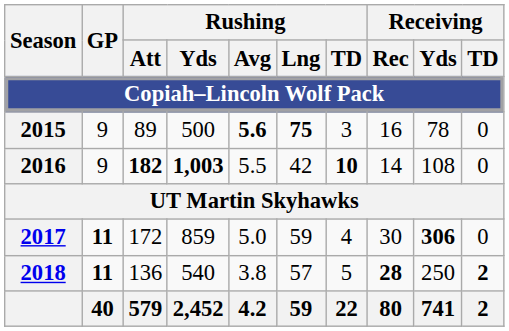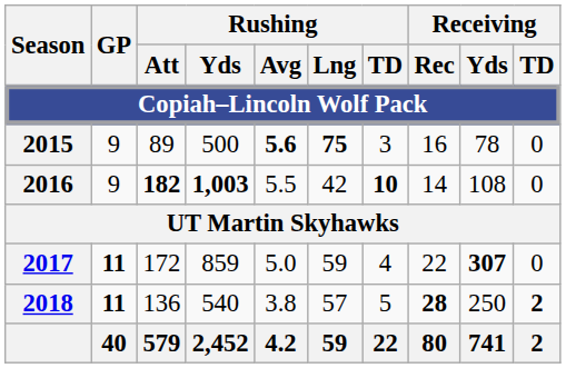 <table class="wikitable" style="text-align:center;">
 <tr>
 <th rowspan="2">Season</th>
 <th rowspan="2">GP</th>
 <th colspan="5">Rushing</th>
 <th colspan="3">Receiving</th>
 </tr>
 <tr>
 <th>Att</th>
 <th>Yds</th>
 <th>Avg</th>
 <th>Lng</th>
 <th>TD</th>
 <th>Rec</th>
 <th>Yds</th>
 <th>TD</th>
 </tr>
 <tr>
 <th colspan="12" style="background-color:#374b96; color:#FFFFFF; box-shadow: inset 2px 2px 0 #a1a1a4, inset -2px -2px 0 #a1a1a4;">Copiah–Lincoln Wolf Pack</th>
 </tr>
 <tr>
 <th>2015</th>
 <td>9</td>
 <td>89</td>
 <td>500</td>
 <td><strong>5.6</strong></td>
 <td><strong>75</strong></td>
 <td>3</td>
 <td>16</td>
 <td>78</td>
 <td>0</td>
 </tr>
 <tr>
 <th>2016</th>
 <td>9</td>
 <td><strong>182</strong></td>
 <td><strong>1,003</strong></td>
 <td>5.5</td>
 <td>42</td>
 <td><strong>10</strong></td>
 <td>14</td>
 <td>108</td>
 <td>0</td>
 </tr>
 <tr>
 <th colspan="16">UT Martin Skyhawks</th>
 </tr>
 <tr>
 <th><a href='#'>2017</a></th>
 <td><strong>11</strong></td>
 <td>172</td>
 <td>859</td>
 <td>5.0</td>
 <td>59</td>
 <td>4</td>
-<td>30</td>
-<td><strong>306</strong></td>
+<td>22</td>
+<td><strong>307</strong></td>
 <td>0</td>
 </tr>
 <tr>
 <th><a href='#'>2018</a></th>
 <td><strong>11</strong></td>
 <td>136</td>
 <td>540</td>
 <td>3.8</td>
 <td>57</td>
 <td>5</td>
 <td><strong>28</strong></td>
 <td>250</td>
 <td><strong>2</strong></td>
 </tr>
 <tr>
 <th></th>
 <th>40</th>
 <th>579</th>
 <th>2,452</th>
 <th>4.2</th>
 <th>59</th>
 <th>22</th>
 <th>80</th>
 <th>741</th>
 <th>2</th>
 </tr>
 </table>
